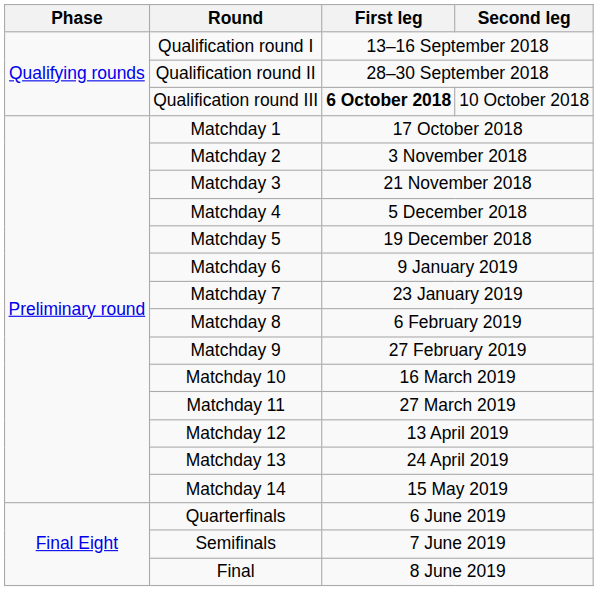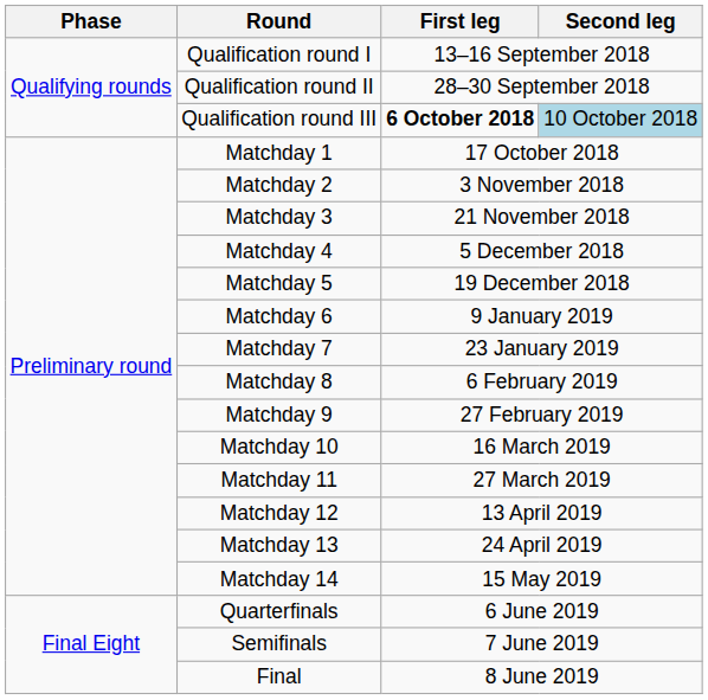 <table class="wikitable" style="text-align:center">
 <tr>
 <th>Phase</th>
 <th>Round</th>
 <th>First leg</th>
 <th>Second leg</th>
 </tr>
 <tr>
 <td rowspan=3><a href='#'>Qualifying rounds</a></td>
 <td>Qualification round I</td>
 <td colspan=2>13–16 September 2018</td>
 </tr>
 <tr>
 <td>Qualification round II</td>
 <td colspan=2>28–30 September 2018</td>
 </tr>
 <tr>
 <td>Qualification round III</td>
 <td><strong>6 October 2018</strong></td>
-<td>10 October 2018</td>
+<td style="background: lightblue;">10 October 2018</td>
 </tr>
 <tr>
 <td rowspan=14><a href='#'>Preliminary round</a></td>
 <td>Matchday 1</td>
 <td colspan=2>17 October 2018</td>
 </tr>
 <tr>
 <td>Matchday 2</td>
 <td colspan=2>3 November 2018</td>
 </tr>
 <tr>
 <td>Matchday 3</td>
 <td colspan=2>21 November 2018</td>
 </tr>
 <tr>
 <td>Matchday 4</td>
 <td colspan=2>5 December 2018</td>
 </tr>
 <tr>
 <td>Matchday 5</td>
 <td colspan=2>19 December 2018</td>
 </tr>
 <tr>
 <td>Matchday 6</td>
 <td colspan=2>9 January 2019</td>
 </tr>
 <tr>
 <td>Matchday 7</td>
 <td colspan=2>23 January 2019</td>
 </tr>
 <tr>
 <td>Matchday 8</td>
 <td colspan=2>6 February 2019</td>
 </tr>
 <tr>
 <td>Matchday 9</td>
 <td colspan=2>27 February 2019</td>
 </tr>
 <tr>
 <td>Matchday 10</td>
 <td colspan=2>16 March 2019</td>
 </tr>
 <tr>
 <td>Matchday 11</td>
 <td colspan=2>27 March 2019</td>
 </tr>
 <tr>
 <td>Matchday 12</td>
 <td colspan=2>13 April 2019</td>
 </tr>
 <tr>
 <td>Matchday 13</td>
 <td colspan=2>24 April 2019</td>
 </tr>
 <tr>
 <td>Matchday 14</td>
 <td colspan=2>15 May 2019</td>
 </tr>
 <tr>
 <td rowspan=3><a href='#'>Final Eight</a></td>
 <td>Quarterfinals</td>
 <td colspan=2>6 June 2019</td>
 </tr>
 <tr>
 <td>Semifinals</td>
 <td colspan=2>7 June 2019</td>
 </tr>
 <tr>
 <td>Final</td>
 <td colspan=2>8 June 2019</td>
 </tr>
 </table>
